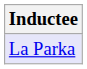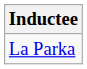 <table class="wikitable">
 <tr>
 <th>Inductee</th>
 </tr>
 <tr>
-<td style="background: lavender;"><a href='#'>La Parka</a></td>
+<td><a href='#'>La Parka</a></td>
 </tr>
 </table>
